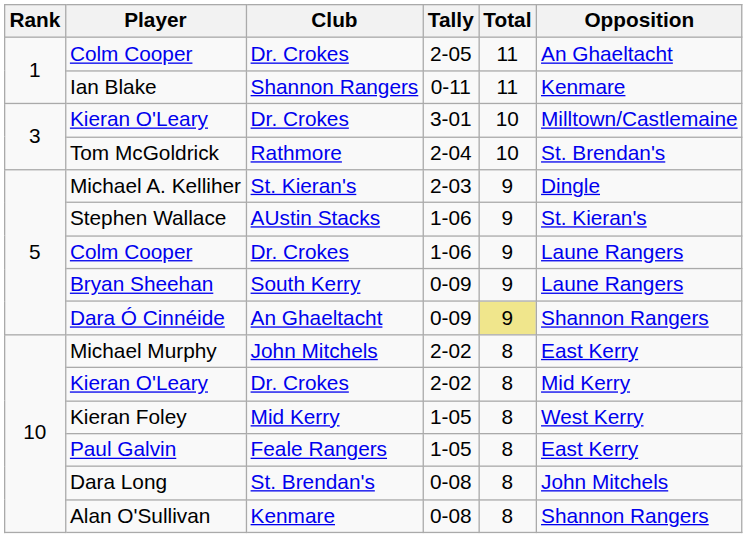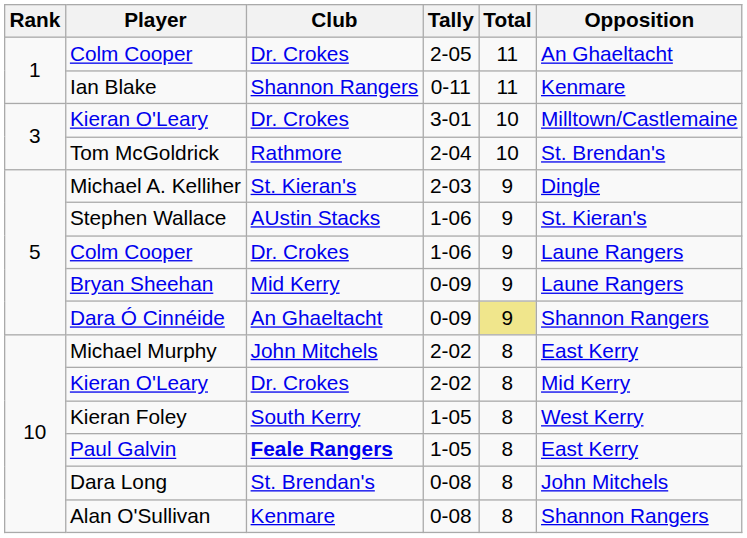 <table class="wikitable">
 <tr>
 <th>Rank</th>
 <th>Player</th>
 <th>Club</th>
 <th>Tally</th>
 <th>Total</th>
 <th>Opposition</th>
 </tr>
 <tr>
 <td rowspan="2" style="text-align:center;">1</td>
 <td><a href='#'>Colm Cooper</a></td>
 <td><a href='#'>Dr. Crokes</a></td>
 <td align=center>2-05</td>
 <td align=center>11</td>
 <td><a href='#'>An Ghaeltacht</a></td>
 </tr>
 <tr>
 <td>Ian Blake</td>
 <td><a href='#'>Shannon Rangers</a></td>
 <td align=center>0-11</td>
 <td align=center>11</td>
 <td><a href='#'>Kenmare</a></td>
 </tr>
 <tr>
 <td rowspan="2" style="text-align:center;">3</td>
 <td><a href='#'>Kieran O'Leary</a></td>
 <td><a href='#'>Dr. Crokes</a></td>
 <td align=center>3-01</td>
 <td align=center>10</td>
 <td><a href='#'>Milltown/Castlemaine</a></td>
 </tr>
 <tr>
 <td>Tom McGoldrick</td>
 <td><a href='#'>Rathmore</a></td>
 <td align=center>2-04</td>
 <td align=center>10</td>
 <td><a href='#'>St. Brendan's</a></td>
 </tr>
 <tr>
 <td rowspan="5" style="text-align:center;">5</td>
 <td>Michael A. Kelliher</td>
 <td><a href='#'>St. Kieran's</a></td>
 <td align=center>2-03</td>
 <td align=center>9</td>
 <td><a href='#'>Dingle</a></td>
 </tr>
 <tr>
 <td>Stephen Wallace</td>
 <td><a href='#'>AUstin Stacks</a></td>
 <td align=center>1-06</td>
 <td align=center>9</td>
 <td><a href='#'>St. Kieran's</a></td>
 </tr>
 <tr>
 <td><a href='#'>Colm Cooper</a></td>
 <td><a href='#'>Dr. Crokes</a></td>
 <td align=center>1-06</td>
 <td align=center>9</td>
 <td><a href='#'>Laune Rangers</a></td>
 </tr>
 <tr>
 <td><a href='#'>Bryan Sheehan</a></td>
-<td><a href='#'>South Kerry</a></td>
+<td><a href='#'>Mid Kerry</a></td>
 <td align=center>0-09</td>
 <td align=center>9</td>
 <td><a href='#'>Laune Rangers</a></td>
 </tr>
 <tr>
 <td><a href='#'>Dara Ó Cinnéide</a></td>
 <td><a href='#'>An Ghaeltacht</a></td>
 <td align=center>0-09</td>
 <td align=center style="background: khaki;">9</td>
 <td><a href='#'>Shannon Rangers</a></td>
 </tr>
 <tr>
 <td rowspan="6" style="text-align:center;">10</td>
 <td>Michael Murphy</td>
 <td><a href='#'>John Mitchels</a></td>
 <td align=center>2-02</td>
 <td align=center>8</td>
 <td><a href='#'>East Kerry</a></td>
 </tr>
 <tr>
 <td><a href='#'>Kieran O'Leary</a></td>
 <td><a href='#'>Dr. Crokes</a></td>
 <td align=center>2-02</td>
 <td align=center>8</td>
 <td><a href='#'>Mid Kerry</a></td>
 </tr>
 <tr>
 <td>Kieran Foley</td>
-<td><a href='#'>Mid Kerry</a></td>
+<td><a href='#'>South Kerry</a></td>
 <td align=center>1-05</td>
 <td align=center>8</td>
 <td><a href='#'>West Kerry</a></td>
 </tr>
 <tr>
 <td><a href='#'>Paul Galvin</a></td>
-<td><a href='#'>Feale Rangers</a></td>
+<td><strong><a href='#'>Feale Rangers</a></strong></td>
 <td align=center>1-05</td>
 <td align=center>8</td>
 <td><a href='#'>East Kerry</a></td>
 </tr>
 <tr>
 <td>Dara Long</td>
 <td><a href='#'>St. Brendan's</a></td>
 <td align=center>0-08</td>
 <td align=center>8</td>
 <td><a href='#'>John Mitchels</a></td>
 </tr>
 <tr>
 <td>Alan O'Sullivan</td>
 <td><a href='#'>Kenmare</a></td>
 <td align=center>0-08</td>
 <td align=center>8</td>
 <td><a href='#'>Shannon Rangers</a></td>
 </tr>
 </table>
